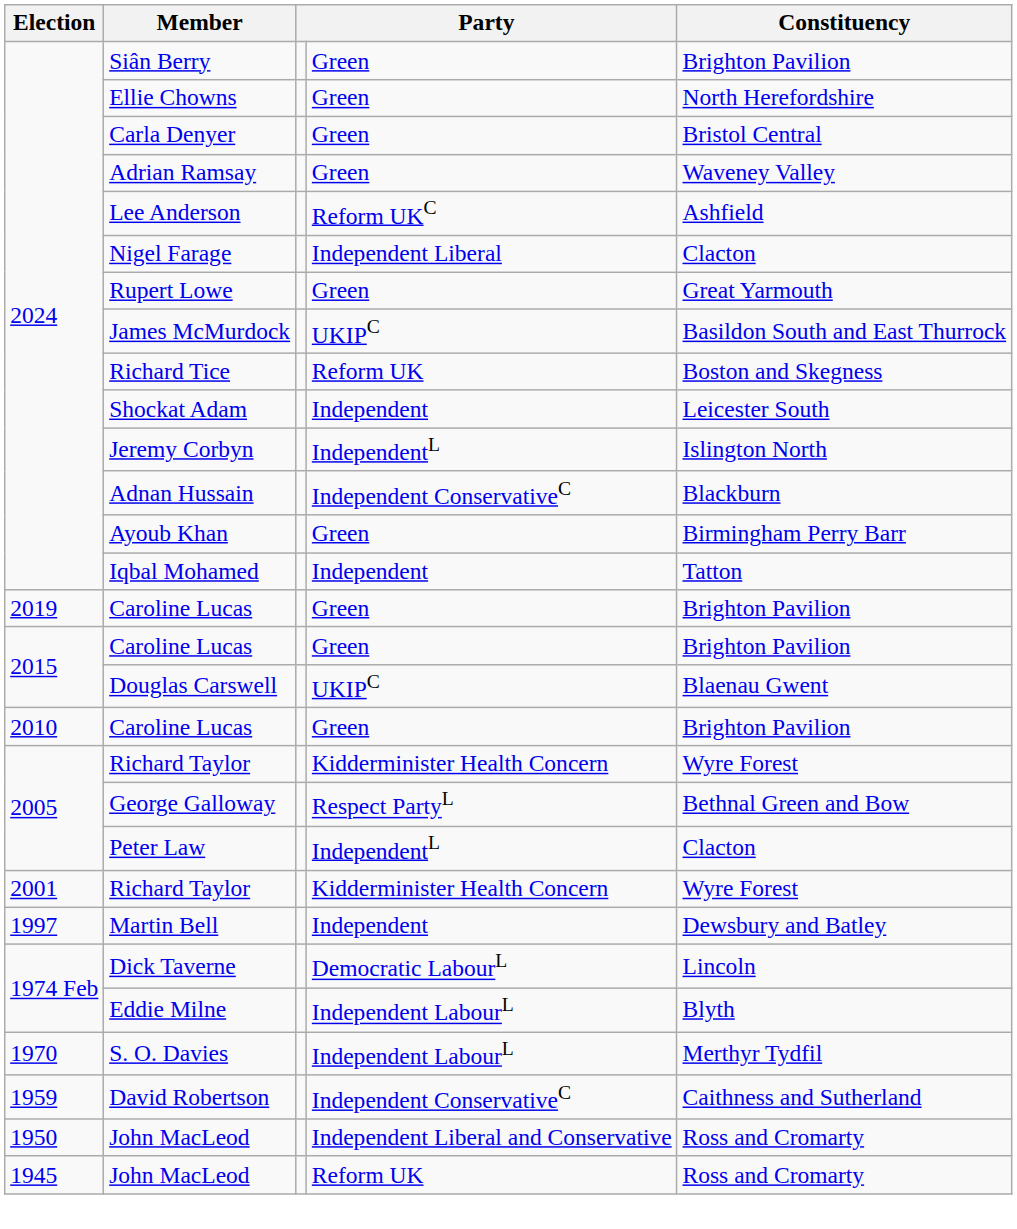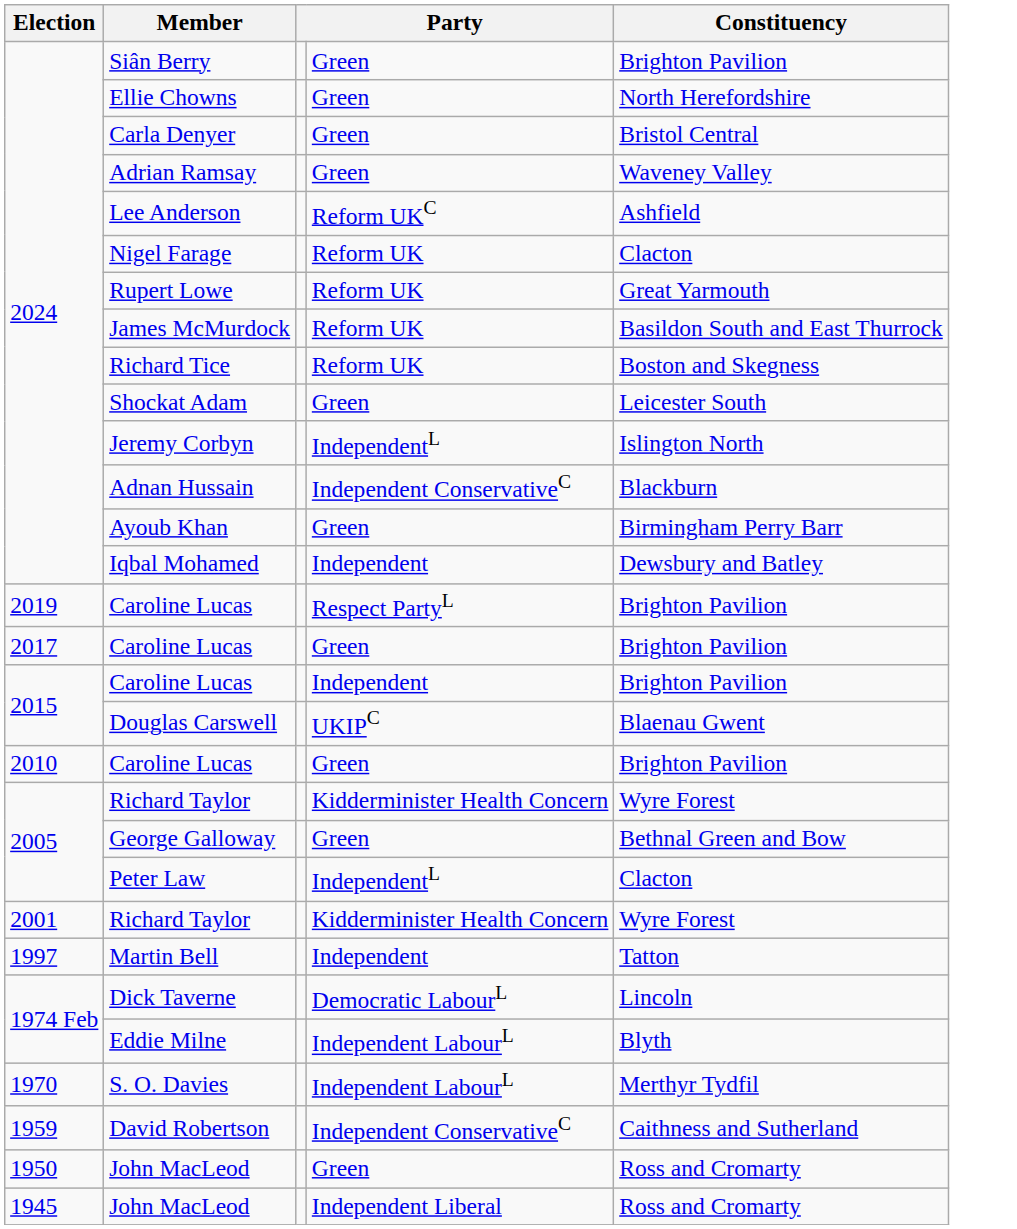 <table class="wikitable">
 <tr>
 <th>Election</th>
 <th>Member</th>
 <th colspan="2">Party</th>
 <th>Constituency</th>
 </tr>
 <tr>
 <td rowspan="14"><a href='#'>2024</a></td>
 <td><a href='#'>Siân Berry</a></td>
 <td style="background-color: "></td>
 <td><a href='#'>Green</a></td>
 <td><a href='#'>Brighton Pavilion</a></td>
 </tr>
 <tr>
 <td><a href='#'>Ellie Chowns</a></td>
 <td style="background-color: "></td>
 <td><a href='#'>Green</a></td>
 <td><a href='#'>North Herefordshire</a></td>
 </tr>
 <tr>
 <td><a href='#'>Carla Denyer</a></td>
 <td style="background-color: "></td>
 <td><a href='#'>Green</a></td>
 <td><a href='#'>Bristol Central</a></td>
 </tr>
 <tr>
 <td><a href='#'>Adrian Ramsay</a></td>
 <td style="background-color: "></td>
 <td><a href='#'>Green</a></td>
 <td><a href='#'>Waveney Valley</a></td>
 </tr>
 <tr>
 <td><a href='#'>Lee Anderson</a></td>
 <td style="background-color: "></td>
 <td><a href='#'>Reform UK</a><sup>C</sup></td>
 <td><a href='#'>Ashfield</a></td>
 </tr>
 <tr>
 <td><a href='#'>Nigel Farage</a></td>
 <td style="background-color: "></td>
-<td><a href='#'>Independent Liberal</a></td>
+<td><a href='#'>Reform UK</a></td>
 <td><a href='#'>Clacton</a></td>
 </tr>
 <tr>
 <td><a href='#'>Rupert Lowe</a></td>
 <td style="background-color: "></td>
-<td><a href='#'>Green</a></td>
+<td><a href='#'>Reform UK</a></td>
 <td><a href='#'>Great Yarmouth</a></td>
 </tr>
 <tr>
 <td><a href='#'>James McMurdock</a></td>
 <td style="background-color: "></td>
-<td><a href='#'>UKIP</a><sup>C</sup></td>
+<td><a href='#'>Reform UK</a></td>
 <td><a href='#'>Basildon South and East Thurrock</a></td>
 </tr>
 <tr>
 <td><a href='#'>Richard Tice</a></td>
 <td style="background-color: "></td>
 <td><a href='#'>Reform UK</a></td>
 <td><a href='#'>Boston and Skegness</a></td>
 </tr>
 <tr>
 <td><a href='#'>Shockat Adam</a></td>
 <td style="background-color: "></td>
-<td><a href='#'>Independent</a></td>
+<td><a href='#'>Green</a></td>
 <td><a href='#'>Leicester South</a></td>
 </tr>
 <tr>
 <td><a href='#'>Jeremy Corbyn</a></td>
 <td style="background-color: "></td>
 <td><a href='#'>Independent</a><sup>L</sup></td>
 <td><a href='#'>Islington North</a></td>
 </tr>
 <tr>
 <td><a href='#'>Adnan Hussain</a></td>
 <td style="background-color: "></td>
 <td><a href='#'>Independent Conservative</a><sup>C</sup></td>
 <td><a href='#'>Blackburn</a></td>
 </tr>
 <tr>
 <td><a href='#'>Ayoub Khan</a></td>
 <td style="background-color: "></td>
 <td><a href='#'>Green</a></td>
 <td><a href='#'>Birmingham Perry Barr</a></td>
 </tr>
 <tr>
 <td><a href='#'>Iqbal Mohamed</a></td>
 <td style="background-color: "></td>
 <td><a href='#'>Independent</a></td>
-<td><a href='#'>Tatton</a></td>
+<td><a href='#'>Dewsbury and Batley</a></td>
 </tr>
 <tr>
 <td><a href='#'>2019</a></td>
+<td><a href='#'>Caroline Lucas</a></td>
+<td style="background-color: "></td>
+<td><a href='#'>Respect Party</a><sup>L</sup></td>
+<td><a href='#'>Brighton Pavilion</a></td>
+</tr>
+<tr>
+<td><a href='#'>2017</a></td>
 <td><a href='#'>Caroline Lucas</a></td>
 <td style="background-color: "></td>
 <td><a href='#'>Green</a></td>
 <td><a href='#'>Brighton Pavilion</a></td>
 </tr>
 <tr>
 <td rowspan="2"><a href='#'>2015</a></td>
 <td><a href='#'>Caroline Lucas</a></td>
 <td style="background-color: "></td>
-<td><a href='#'>Green</a></td>
+<td><a href='#'>Independent</a></td>
 <td><a href='#'>Brighton Pavilion</a></td>
 </tr>
 <tr>
 <td><a href='#'>Douglas Carswell</a></td>
 <td style="background-color: "></td>
 <td><a href='#'>UKIP</a><sup>C</sup></td>
 <td><a href='#'>Blaenau Gwent</a></td>
 </tr>
 <tr>
 <td><a href='#'>2010</a></td>
 <td><a href='#'>Caroline Lucas</a></td>
 <td style="background-color: "></td>
 <td><a href='#'>Green</a></td>
 <td><a href='#'>Brighton Pavilion</a></td>
 </tr>
 <tr>
 <td rowspan="3"><a href='#'>2005</a></td>
 <td><a href='#'>Richard Taylor</a></td>
 <td style="background-color: "></td>
 <td><a href='#'>Kidderminister Health Concern</a></td>
 <td><a href='#'>Wyre Forest</a></td>
 </tr>
 <tr>
 <td><a href='#'>George Galloway</a></td>
 <td style="background-color: "></td>
-<td><a href='#'>Respect Party</a><sup>L</sup></td>
+<td><a href='#'>Green</a></td>
 <td><a href='#'>Bethnal Green and Bow</a></td>
 </tr>
 <tr>
 <td><a href='#'>Peter Law</a></td>
 <td style="background-color: "></td>
 <td><a href='#'>Independent</a><sup>L</sup></td>
 <td><a href='#'>Clacton</a></td>
 </tr>
 <tr>
 <td><a href='#'>2001</a></td>
 <td><a href='#'>Richard Taylor</a></td>
 <td style="background-color: "></td>
 <td><a href='#'>Kidderminister Health Concern</a></td>
 <td><a href='#'>Wyre Forest</a></td>
 </tr>
 <tr>
 <td><a href='#'>1997</a></td>
 <td><a href='#'>Martin Bell</a></td>
 <td style="background-color: "></td>
 <td><a href='#'>Independent</a></td>
-<td><a href='#'>Dewsbury and Batley</a></td>
+<td><a href='#'>Tatton</a></td>
 </tr>
 <tr>
 <td rowspan="2"><a href='#'>1974 Feb</a></td>
 <td><a href='#'>Dick Taverne</a></td>
 <td style="background-color: "></td>
 <td><a href='#'>Democratic Labour</a><sup>L</sup></td>
 <td><a href='#'>Lincoln</a></td>
 </tr>
 <tr>
 <td><a href='#'>Eddie Milne</a></td>
 <td style="background-color: "></td>
 <td><a href='#'>Independent Labour</a><sup>L</sup></td>
 <td><a href='#'>Blyth</a></td>
 </tr>
 <tr>
 <td><a href='#'>1970</a></td>
 <td><a href='#'>S. O. Davies</a></td>
 <td style="background-color: "></td>
 <td><a href='#'>Independent Labour</a><sup>L</sup></td>
 <td><a href='#'>Merthyr Tydfil</a></td>
 </tr>
 <tr>
 <td><a href='#'>1959</a></td>
 <td><a href='#'>David Robertson</a></td>
 <td style="background-color: "></td>
 <td><a href='#'>Independent Conservative</a><sup>C</sup></td>
 <td><a href='#'>Caithness and Sutherland</a></td>
 </tr>
 <tr>
 <td><a href='#'>1950</a></td>
 <td><a href='#'>John MacLeod</a></td>
 <td style="background-color: "></td>
-<td><a href='#'>Independent Liberal and Conservative</a></td>
+<td><a href='#'>Green</a></td>
 <td><a href='#'>Ross and Cromarty</a></td>
 </tr>
 <tr>
 <td><a href='#'>1945</a></td>
 <td><a href='#'>John MacLeod</a></td>
 <td style="background-color: "></td>
-<td><a href='#'>Reform UK</a></td>
+<td><a href='#'>Independent Liberal</a></td>
 <td><a href='#'>Ross and Cromarty</a></td>
 </tr>
 </table>
